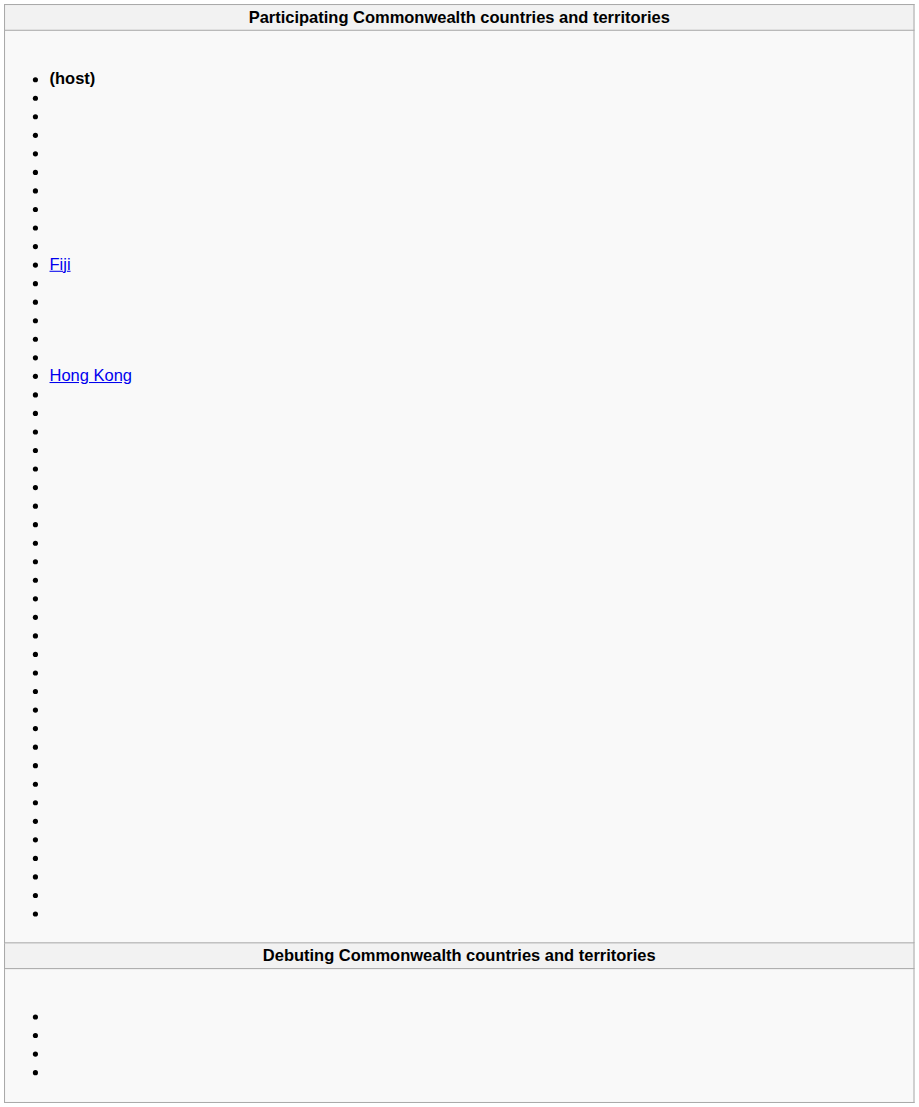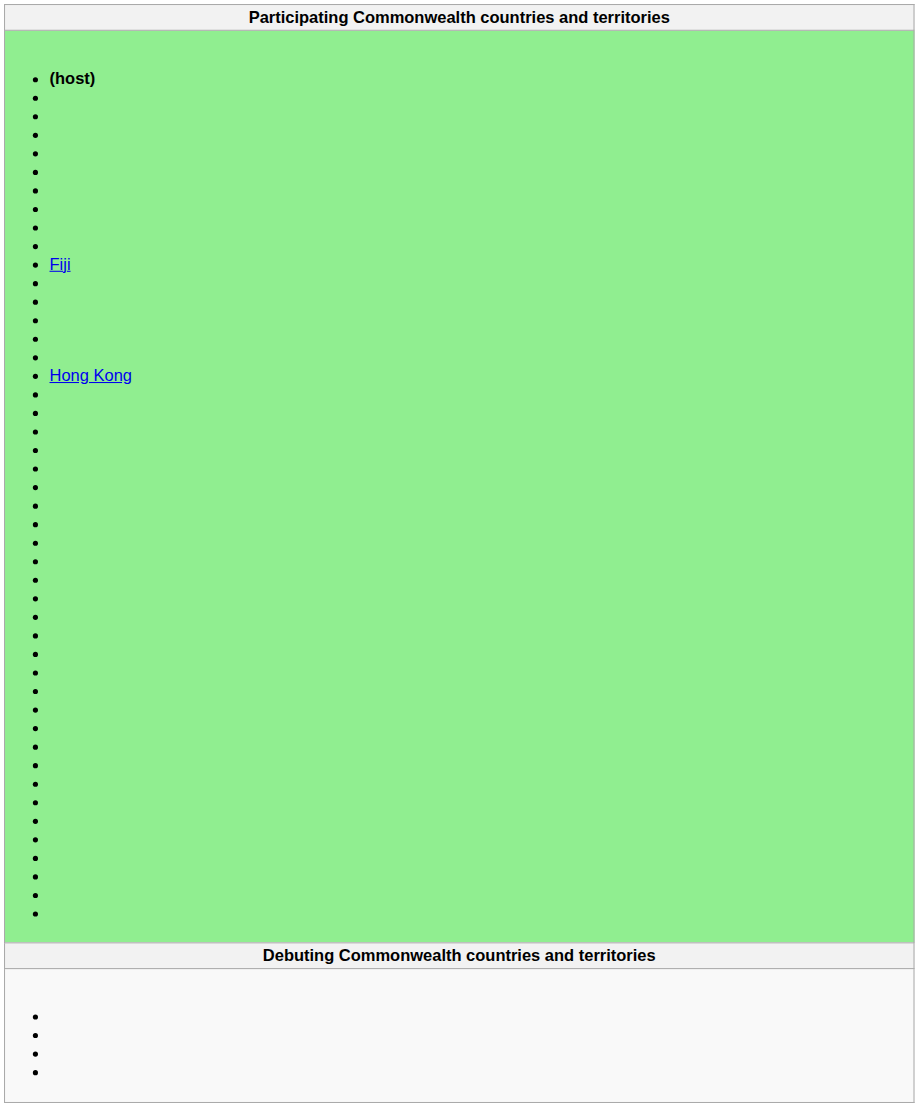 <table class="wikitable collapsible" style="width:100%;">
 <tr>
 <th>Participating Commonwealth countries and territories</th>
 </tr>
 <tr>
-<td><br><ul><li> <strong>(host)</strong></li><li></li><li></li><li></li><li></li><li></li><li></li><li></li><li></li><li></li><li> <a href='#'>Fiji</a></li><li></li><li></li><li></li><li></li><li></li><li> <a href='#'>Hong Kong</a></li><li></li><li></li><li></li><li></li><li></li><li></li><li></li><li></li><li></li><li></li><li></li><li></li><li></li><li></li><li></li><li></li><li></li><li></li><li></li><li></li><li></li><li></li><li></li><li></li><li></li><li></li><li></li><li></li><li></li></ul></td>
+<td style="background: lightgreen;"><br><ul><li> <strong>(host)</strong></li><li></li><li></li><li></li><li></li><li></li><li></li><li></li><li></li><li></li><li> <a href='#'>Fiji</a></li><li></li><li></li><li></li><li></li><li></li><li> <a href='#'>Hong Kong</a></li><li></li><li></li><li></li><li></li><li></li><li></li><li></li><li></li><li></li><li></li><li></li><li></li><li></li><li></li><li></li><li></li><li></li><li></li><li></li><li></li><li></li><li></li><li></li><li></li><li></li><li></li><li></li><li></li><li></li></ul></td>
 </tr>
 <tr>
 <th>Debuting Commonwealth countries and territories</th>
 </tr>
 <tr>
 <td valign="top"><br><ul><li></li><li></li><li></li><li></li></ul> </td>
 </tr>
 </table>
